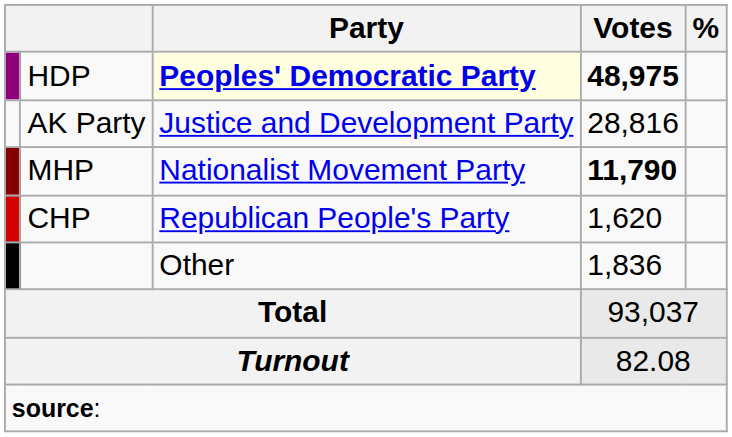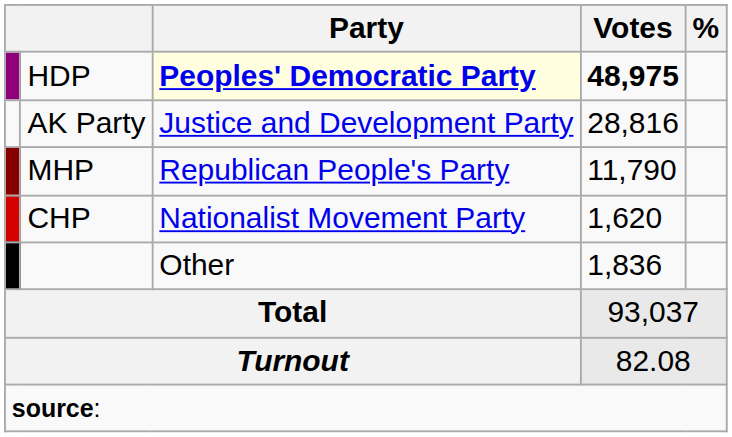 <table class="wikitable">
 <tr>
 <th colspan="2" align="center"></th>
 <th align="center">Party</th>
 <th align="center">Votes</th>
 <th align="center">%</th>
 </tr>
 <tr align="left">
 <td bgcolor="#91007B" width="1"></td>
 <td>HDP</td>
 <td style="background: lightyellow;"><strong><a href='#'>Peoples' Democratic Party</a></strong></td>
 <td><strong>48,975</strong></td>
 <td><strong></strong></td>
 </tr>
 <tr align="left">
 <td></td>
 <td>AK Party</td>
 <td><a href='#'>Justice and Development Party</a></td>
 <td>28,816</td>
 <td></td>
 </tr>
 <tr align="left">
 <td bgcolor="#870000" width="1"></td>
 <td>MHP</td>
-<td><a href='#'>Nationalist Movement Party</a></td>
-<td><strong>11,790</strong></td>
+<td><a href='#'>Republican People's Party</a></td>
+<td>11,790</td>
 <td></td>
 </tr>
 <tr align="left">
 <td bgcolor="#d50000" width="1"></td>
 <td>CHP</td>
-<td><a href='#'>Republican People's Party</a></td>
+<td><a href='#'>Nationalist Movement Party</a></td>
 <td>1,620</td>
 <td></td>
 </tr>
 <tr align="left">
 <td bgcolor=" " width="1"></td>
 <td></td>
 <td>Other</td>
 <td>1,836</td>
 <td></td>
 </tr>
 <tr align="left" style="background-color:#E9E9E9">
 <th colspan="3" align="center"><strong>Total</strong></th>
 <td colspan="5" align="center">93,037</td>
 </tr>
 <tr align="left" style="background-color:#E9E9E9">
 <th colspan="3" align="center"><em>Turnout</em></th>
 <td colspan="5" align="center">82.08</td>
 </tr>
 <tr>
 <td colspan="9" align="left"><small><strong>source</strong>: </small></td>
 </tr>
 </table>
